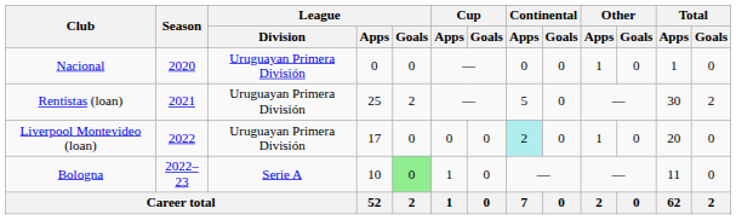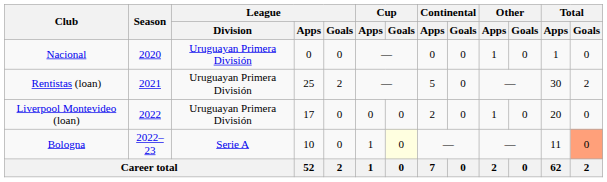 <table class="wikitable" style="text-align: center">
 <tr>
 <th rowspan="2">Club</th>
 <th rowspan="2">Season</th>
 <th colspan="3">League</th>
 <th colspan="2">Cup</th>
 <th colspan="2">Continental</th>
 <th colspan="2">Other</th>
 <th colspan="2">Total</th>
 </tr>
 <tr>
 <th>Division</th>
 <th>Apps</th>
 <th>Goals</th>
 <th>Apps</th>
 <th>Goals</th>
 <th>Apps</th>
 <th>Goals</th>
 <th>Apps</th>
 <th>Goals</th>
 <th>Apps</th>
 <th>Goals</th>
 </tr>
 <tr>
 <td><a href='#'>Nacional</a></td>
 <td><a href='#'>2020</a></td>
 <td><a href='#'>Uruguayan Primera División</a></td>
 <td>0</td>
 <td>0</td>
 <td colspan="2">—</td>
 <td>0</td>
 <td>0</td>
 <td>1</td>
 <td>0</td>
 <td>1</td>
 <td>0</td>
 </tr>
 <tr>
 <td><a href='#'>Rentistas</a> (loan)</td>
 <td><a href='#'>2021</a></td>
 <td>Uruguayan Primera División</td>
 <td>25</td>
 <td>2</td>
 <td colspan="2">—</td>
 <td>5</td>
 <td>0</td>
 <td colspan="2">—</td>
 <td>30</td>
 <td>2</td>
 </tr>
 <tr>
 <td><a href='#'>Liverpool Montevideo</a> (loan)</td>
 <td><a href='#'>2022</a></td>
 <td>Uruguayan Primera División</td>
 <td>17</td>
 <td>0</td>
 <td>0</td>
 <td>0</td>
-<td style="background: paleturquoise;">2</td>
+<td>2</td>
 <td>0</td>
 <td>1</td>
 <td>0</td>
 <td>20</td>
 <td>0</td>
 </tr>
 <tr>
 <td><a href='#'>Bologna</a></td>
 <td><a href='#'>2022–23</a></td>
 <td><a href='#'>Serie A</a></td>
 <td>10</td>
-<td style="background: lightgreen;">0</td>
+<td>0</td>
 <td>1</td>
-<td>0</td>
+<td style="background: lightyellow;">0</td>
 <td colspan="2">—</td>
 <td colspan="2">—</td>
 <td>11</td>
-<td>0</td>
+<td style="background: lightsalmon;">0</td>
 </tr>
 <tr>
 <th colspan="3">Career total</th>
 <th>52</th>
 <th>2</th>
 <th>1</th>
 <th>0</th>
 <th>7</th>
 <th>0</th>
 <th>2</th>
 <th>0</th>
 <th>62</th>
 <th>2</th>
 </tr>
 </table>
